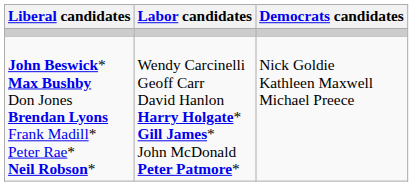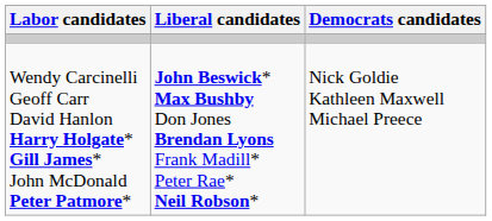 <table class="wikitable">
 <tr>
+<th><a href='#'>Labor</a> candidates</th>
 <th><a href='#'>Liberal</a> candidates</th>
-<th><a href='#'>Labor</a> candidates</th>
 <th><a href='#'>Democrats</a> candidates</th>
 </tr>
 <tr bgcolor="#cccccc">
 <td></td>
 <td></td>
 <td></td>
 </tr>
 <tr>
+<td><br>Wendy Carcinelli <br> Geoff Carr <br> David Hanlon <br> <strong><a href='#'>Harry Holgate</a></strong>* <br> <strong><a href='#'>Gill James</a></strong>* <br> John McDonald <br> <strong><a href='#'>Peter Patmore</a></strong>*</td>
 <td><br><strong><a href='#'>John Beswick</a></strong>*<br> <strong><a href='#'>Max Bushby</a></strong><br> Don Jones<br> <strong><a href='#'>Brendan Lyons</a></strong><br> <a href='#'>Frank Madill</a>*<br> <a href='#'>Peter Rae</a>*<br> <strong><a href='#'>Neil Robson</a></strong>*</td>
-<td><br>Wendy Carcinelli <br> Geoff Carr <br> David Hanlon <br> <strong><a href='#'>Harry Holgate</a></strong>* <br> <strong><a href='#'>Gill James</a></strong>* <br> John McDonald <br> <strong><a href='#'>Peter Patmore</a></strong>*</td>
 <td valign=top><br>Nick Goldie <br> Kathleen Maxwell <br> Michael Preece</td>
 </tr>
 </table>
